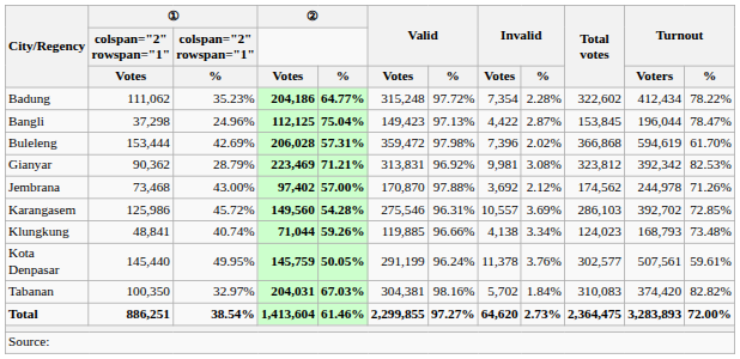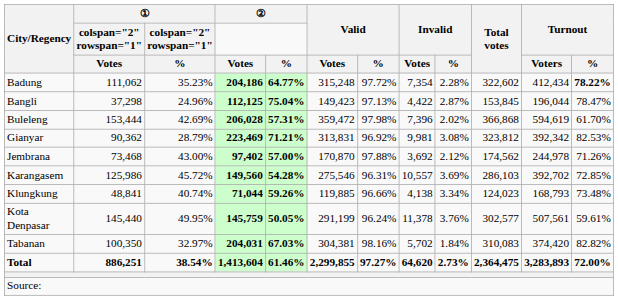 <table class="wikitable" style="text-align:right; font-size:90%;">
 <tr>
 <th colspan="1" rowspan="3">City/Regency</th>
 <th colspan="2" rowspan="1">①</th>
 <th colspan="2" rowspan="1">②</th>
 <th colspan="2" rowspan="2">Valid</th>
 <th colspan="2" rowspan="2">Invalid</th>
 <th colspan="1" rowspan="3">Total votes</th>
 <th colspan="2" rowspan="2">Turnout</th>
 </tr>
 <tr>
 <th>colspan="2" rowspan="1" </th>
 <th>colspan="2" rowspan="1" </th>
 </tr>
 <tr>
 <th>Votes</th>
 <th>%</th>
 <th>Votes</th>
 <th>%</th>
 <th>Votes</th>
 <th>%</th>
 <th>Votes</th>
 <th>%</th>
 <th>Voters</th>
 <th>%</th>
 </tr>
 <tr>
 <td align="left">Badung</td>
 <td>111,062</td>
 <td>35.23%</td>
 <td style="background:#ccffcc"><strong>204,186</strong></td>
 <td style="background:#ccffcc"><strong>64.77%</strong></td>
 <td>315,248</td>
 <td>97.72%</td>
 <td>7,354</td>
 <td>2.28%</td>
 <td>322,602</td>
 <td>412,434</td>
-<td>78.22%</td>
+<td><strong>78.22%</strong></td>
 </tr>
 <tr>
 <td align="left">Bangli</td>
 <td>37,298</td>
 <td>24.96%</td>
 <td style="background:#ccffcc"><strong>112,125</strong></td>
 <td style="background:#ccffcc"><strong>75.04%</strong></td>
 <td>149,423</td>
 <td>97.13%</td>
 <td>4,422</td>
 <td>2.87%</td>
 <td>153,845</td>
 <td>196,044</td>
 <td>78.47%</td>
 </tr>
 <tr>
 <td align="left">Buleleng</td>
 <td>153,444</td>
 <td>42.69%</td>
 <td style="background:#ccffcc"><strong>206,028</strong></td>
 <td style="background:#ccffcc"><strong>57.31%</strong></td>
 <td>359,472</td>
 <td>97.98%</td>
 <td>7,396</td>
 <td>2.02%</td>
 <td>366,868</td>
 <td>594,619</td>
 <td>61.70%</td>
 </tr>
 <tr>
 <td align="left">Gianyar</td>
 <td>90,362</td>
 <td>28.79%</td>
 <td style="background:#ccffcc"><strong>223,469</strong></td>
 <td style="background:#ccffcc"><strong>71.21%</strong></td>
 <td>313,831</td>
 <td>96.92%</td>
 <td>9,981</td>
 <td>3.08%</td>
 <td>323,812</td>
 <td>392,342</td>
 <td>82.53%</td>
 </tr>
 <tr>
 <td align="left">Jembrana</td>
 <td>73,468</td>
 <td>43.00%</td>
 <td style="background:#ccffcc"><strong>97,402</strong></td>
 <td style="background:#ccffcc"><strong>57.00%</strong></td>
 <td>170,870</td>
 <td>97.88%</td>
 <td>3,692</td>
 <td>2.12%</td>
 <td>174,562</td>
 <td>244,978</td>
 <td>71.26%</td>
 </tr>
 <tr>
 <td align="left">Karangasem</td>
 <td>125,986</td>
 <td>45.72%</td>
 <td style="background:#ccffcc"><strong>149,560</strong></td>
 <td style="background:#ccffcc"><strong>54.28%</strong></td>
 <td>275,546</td>
 <td>96.31%</td>
 <td>10,557</td>
 <td>3.69%</td>
 <td>286,103</td>
 <td>392,702</td>
 <td>72.85%</td>
 </tr>
 <tr>
 <td align="left">Klungkung</td>
 <td>48,841</td>
 <td>40.74%</td>
 <td style="background:#ccffcc"><strong>71,044</strong></td>
 <td style="background:#ccffcc"><strong>59.26%</strong></td>
 <td>119,885</td>
 <td>96.66%</td>
 <td>4,138</td>
 <td>3.34%</td>
 <td>124,023</td>
 <td>168,793</td>
 <td>73.48%</td>
 </tr>
 <tr>
 <td align="left">Kota Denpasar</td>
 <td>145,440</td>
 <td>49.95%</td>
 <td style="background:#ccffcc"><strong>145,759</strong></td>
 <td style="background:#ccffcc"><strong>50.05%</strong></td>
 <td>291,199</td>
 <td>96.24%</td>
 <td>11,378</td>
 <td>3.76%</td>
 <td>302,577</td>
 <td>507,561</td>
 <td>59.61%</td>
 </tr>
 <tr>
 <td align="left">Tabanan</td>
 <td>100,350</td>
 <td>32.97%</td>
 <td style="background:#ccffcc"><strong>204,031</strong></td>
 <td style="background:#ccffcc"><strong>67.03%</strong></td>
 <td>304,381</td>
 <td>98.16%</td>
 <td>5,702</td>
 <td>1.84%</td>
 <td>310,083</td>
 <td>374,420</td>
 <td>82.82%</td>
 </tr>
 <tr>
 <td align="left"><strong>Total</strong></td>
 <td><strong>886,251</strong></td>
 <td><strong>38.54%</strong></td>
 <td style="background:#ccffcc"><strong>1,413,604</strong></td>
 <td style="background:#ccffcc"><strong>61.46%</strong></td>
 <td><strong>2,299,855</strong></td>
 <td><strong>97.27%</strong></td>
 <td><strong>64,620</strong></td>
 <td><strong>2.73%</strong></td>
 <td><strong>2,364,475</strong></td>
 <td><strong>3,283,893</strong></td>
 <td><strong>72.00%</strong></td>
 </tr>
 <tr>
 <th colspan="12"></th>
 </tr>
 <tr>
 <td colspan="12" align="left">Source: </td>
 </tr>
 </table>
